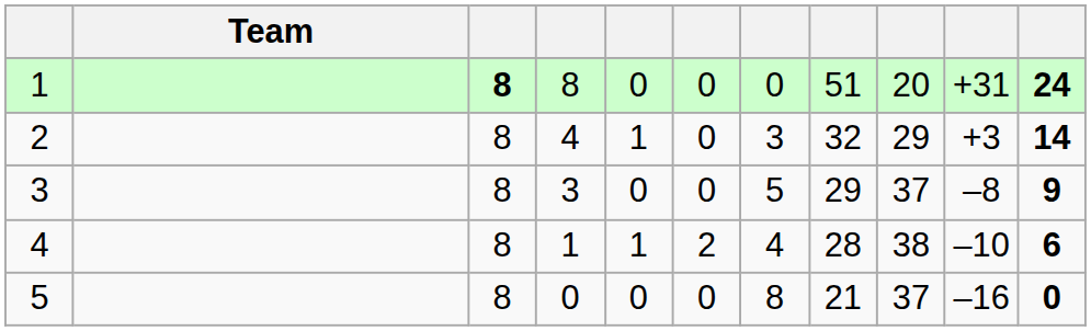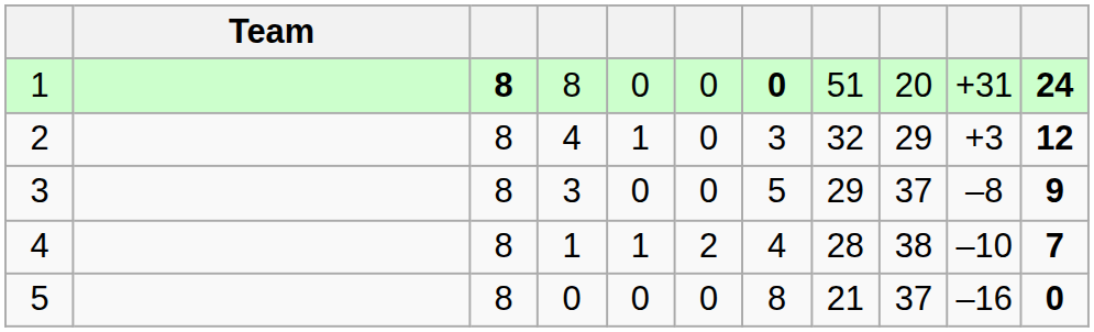 <table class="wikitable" style="text-align: center; font-size: 100%;">
 <tr>
 <th width="25"></th>
 <th width="180">Team</th>
 <th width="25"></th>
 <th width="25"></th>
 <th width="25"></th>
 <th width="25"></th>
 <th width="25"></th>
 <th width="25"></th>
 <th width="25"></th>
 <th width="25"></th>
 <th width="25"></th>
 </tr>
 <tr style="background-color: #ccffcc;">
 <td>1</td>
 <td align=left></td>
 <td><strong>8</strong></td>
 <td>8</td>
 <td>0</td>
 <td>0</td>
-<td>0</td>
+<td><strong>0</strong></td>
 <td>51</td>
 <td>20</td>
 <td>+31</td>
 <td><strong>24</strong></td>
 </tr>
 <tr>
 <td>2</td>
 <td align=left></td>
 <td>8</td>
 <td>4</td>
 <td>1</td>
 <td>0</td>
 <td>3</td>
 <td>32</td>
 <td>29</td>
 <td>+3</td>
-<td><strong>14</strong></td>
+<td><strong>12</strong></td>
 </tr>
 <tr>
 <td>3</td>
 <td align=left></td>
 <td>8</td>
 <td>3</td>
 <td>0</td>
 <td>0</td>
 <td>5</td>
 <td>29</td>
 <td>37</td>
 <td>–8</td>
 <td><strong>9</strong></td>
 </tr>
 <tr>
 <td>4</td>
 <td align=left></td>
 <td>8</td>
 <td>1</td>
 <td>1</td>
 <td>2</td>
 <td>4</td>
 <td>28</td>
 <td>38</td>
 <td>–10</td>
-<td><strong>6</strong></td>
+<td><strong>7</strong></td>
 </tr>
 <tr>
 <td>5</td>
 <td align=left></td>
 <td>8</td>
 <td>0</td>
 <td>0</td>
 <td>0</td>
 <td>8</td>
 <td>21</td>
 <td>37</td>
 <td>–16</td>
 <td><strong>0</strong></td>
 </tr>
 </table>
